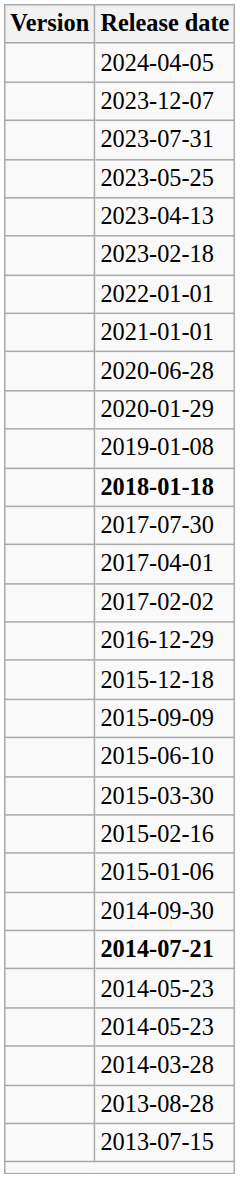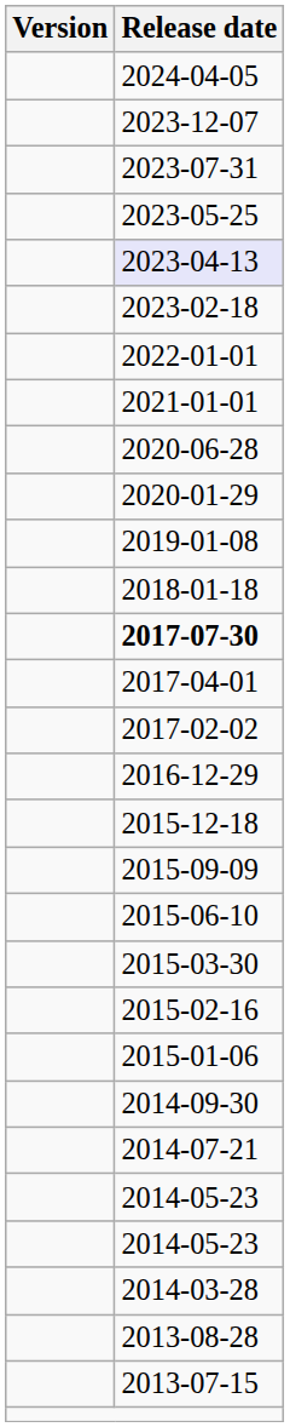 <table class="wikitable">
 <tr>
 <th>Version</th>
 <th>Release date</th>
 </tr>
 <tr>
 <td></td>
 <td>2024-04-05</td>
 </tr>
 <tr>
 <td></td>
 <td>2023-12-07</td>
 </tr>
 <tr>
 <td></td>
 <td>2023-07-31</td>
 </tr>
 <tr>
 <td></td>
 <td>2023-05-25</td>
 </tr>
 <tr>
 <td></td>
-<td>2023-04-13</td>
+<td style="background: lavender;">2023-04-13</td>
 </tr>
 <tr>
 <td></td>
 <td>2023-02-18</td>
 </tr>
 <tr>
 <td></td>
 <td>2022-01-01</td>
 </tr>
 <tr>
 <td></td>
 <td>2021-01-01</td>
 </tr>
 <tr>
 <td></td>
 <td>2020-06-28</td>
 </tr>
 <tr>
 <td></td>
 <td>2020-01-29</td>
 </tr>
 <tr>
 <td></td>
 <td>2019-01-08</td>
 </tr>
 <tr>
 <td></td>
-<td><strong>2018-01-18</strong></td>
+<td>2018-01-18</td>
 </tr>
 <tr>
 <td></td>
-<td>2017-07-30</td>
+<td><strong>2017-07-30</strong></td>
 </tr>
 <tr>
 <td></td>
 <td>2017-04-01</td>
 </tr>
 <tr>
 <td></td>
 <td>2017-02-02</td>
 </tr>
 <tr>
 <td></td>
 <td>2016-12-29</td>
 </tr>
 <tr>
 <td></td>
 <td>2015-12-18</td>
 </tr>
 <tr>
 <td></td>
 <td>2015-09-09</td>
 </tr>
 <tr>
 <td></td>
 <td>2015-06-10</td>
 </tr>
 <tr>
 <td></td>
 <td>2015-03-30</td>
 </tr>
 <tr>
 <td></td>
 <td>2015-02-16</td>
 </tr>
 <tr>
 <td></td>
 <td>2015-01-06</td>
 </tr>
 <tr>
 <td></td>
 <td>2014-09-30</td>
 </tr>
 <tr>
 <td></td>
-<td><strong>2014-07-21</strong></td>
+<td>2014-07-21</td>
 </tr>
 <tr>
 <td></td>
 <td>2014-05-23</td>
 </tr>
 <tr>
 <td></td>
 <td>2014-05-23</td>
 </tr>
 <tr>
 <td></td>
 <td>2014-03-28</td>
 </tr>
 <tr>
 <td></td>
 <td>2013-08-28</td>
 </tr>
 <tr>
 <td></td>
 <td>2013-07-15</td>
 </tr>
 <tr>
 <td colspan="2"><small></small></td>
 </tr>
 </table>
